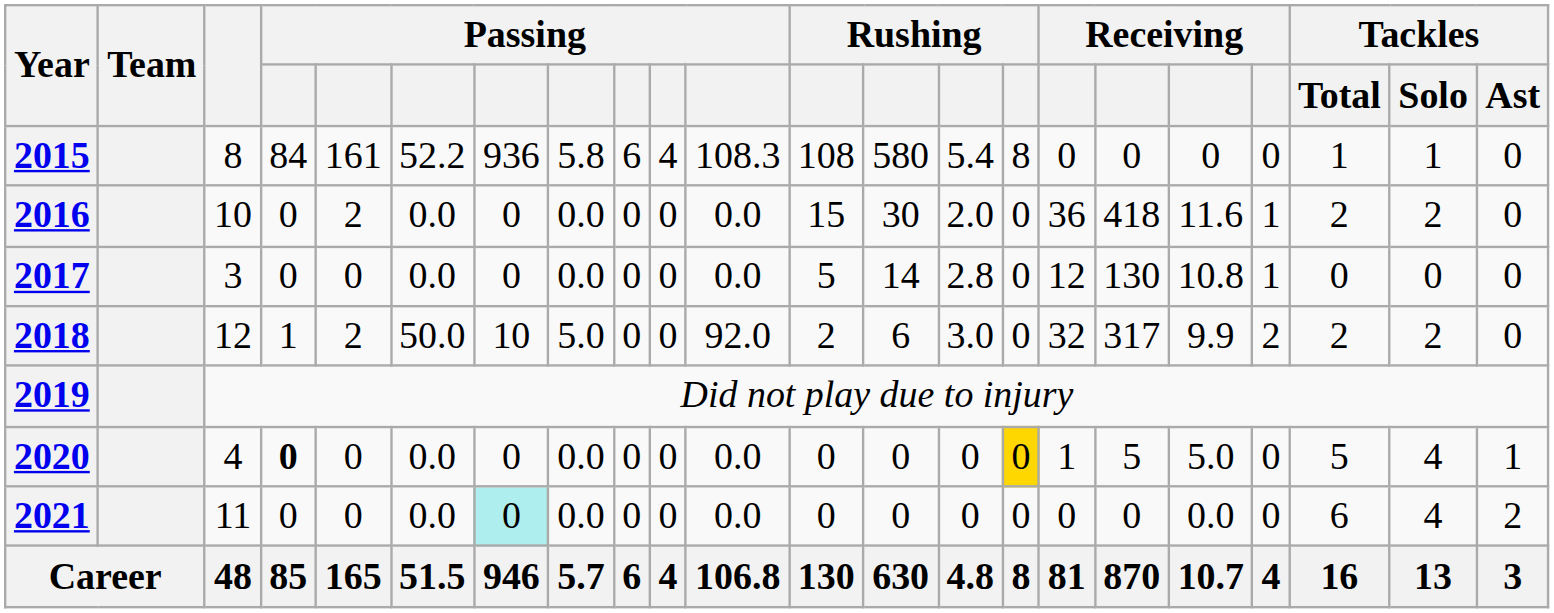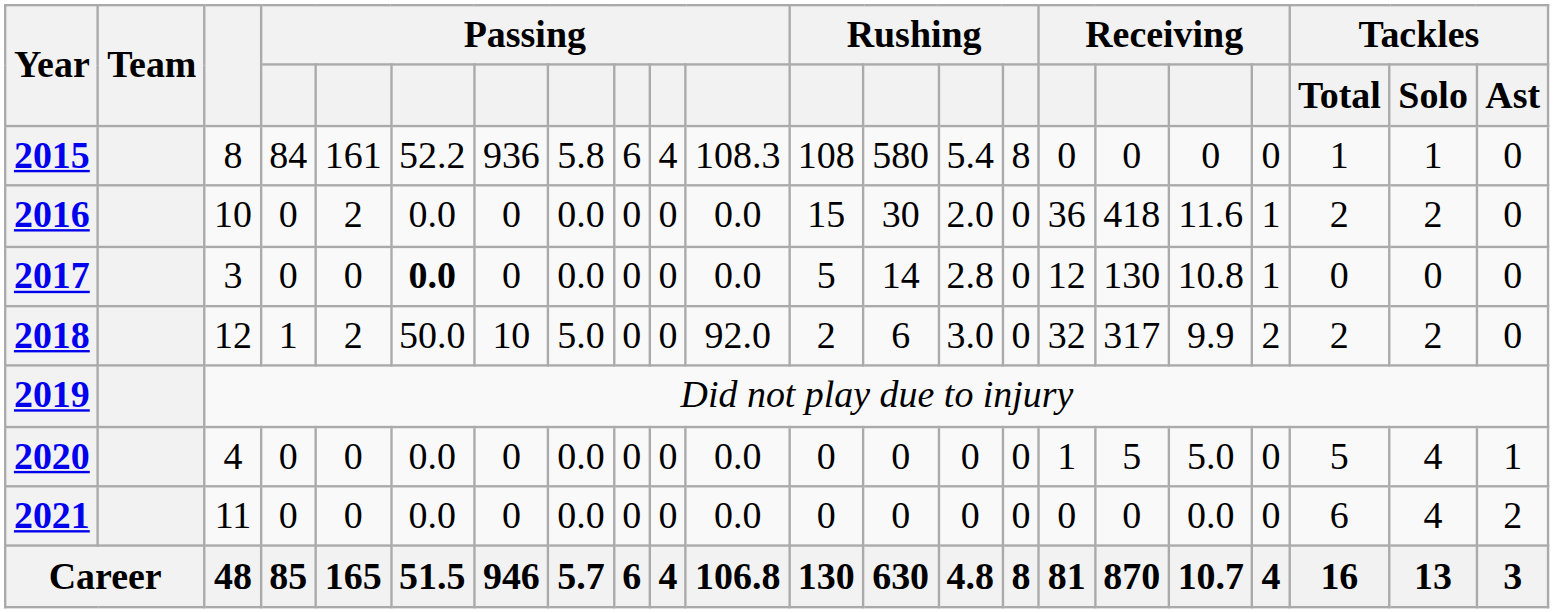 <table class="wikitable" style="text-align:center;">
 <tr>
 <th rowspan="2">Year</th>
 <th rowspan="2">Team</th>
 <th rowspan="2"></th>
 <th colspan="8">Passing</th>
 <th colspan="4">Rushing</th>
 <th colspan="4">Receiving</th>
 <th colspan="3">Tackles</th>
 </tr>
 <tr>
 <th></th>
 <th></th>
 <th></th>
 <th></th>
 <th></th>
 <th></th>
 <th></th>
 <th></th>
 <th></th>
 <th></th>
 <th></th>
 <th></th>
 <th></th>
 <th></th>
 <th></th>
 <th></th>
 <th>Total</th>
 <th>Solo</th>
 <th>Ast</th>
 </tr>
 <tr>
 <th><a href='#'>2015</a></th>
 <th><a href='#'></a></th>
 <td>8</td>
 <td>84</td>
 <td>161</td>
 <td>52.2</td>
 <td>936</td>
 <td>5.8</td>
 <td>6</td>
 <td>4</td>
 <td>108.3</td>
 <td>108</td>
 <td>580</td>
 <td>5.4</td>
 <td>8</td>
 <td>0</td>
 <td>0</td>
 <td>0</td>
 <td>0</td>
 <td>1</td>
 <td>1</td>
 <td>0</td>
 </tr>
 <tr>
 <th><a href='#'>2016</a></th>
 <th><a href='#'></a></th>
 <td>10</td>
 <td>0</td>
 <td>2</td>
 <td>0.0</td>
 <td>0</td>
 <td>0.0</td>
 <td>0</td>
 <td>0</td>
 <td>0.0</td>
 <td>15</td>
 <td>30</td>
 <td>2.0</td>
 <td>0</td>
 <td>36</td>
 <td>418</td>
 <td>11.6</td>
 <td>1</td>
 <td>2</td>
 <td>2</td>
 <td>0</td>
 </tr>
 <tr>
 <th><a href='#'>2017</a></th>
 <th><a href='#'></a></th>
 <td>3</td>
 <td>0</td>
 <td>0</td>
-<td>0.0</td>
+<td><strong>0.0</strong></td>
 <td>0</td>
 <td>0.0</td>
 <td>0</td>
 <td>0</td>
 <td>0.0</td>
 <td>5</td>
 <td>14</td>
 <td>2.8</td>
 <td>0</td>
 <td>12</td>
 <td>130</td>
 <td>10.8</td>
 <td>1</td>
 <td>0</td>
 <td>0</td>
 <td>0</td>
 </tr>
 <tr>
 <th><a href='#'>2018</a></th>
 <th><a href='#'></a></th>
 <td>12</td>
 <td>1</td>
 <td>2</td>
 <td>50.0</td>
 <td>10</td>
 <td>5.0</td>
 <td>0</td>
 <td>0</td>
 <td>92.0</td>
 <td>2</td>
 <td>6</td>
 <td>3.0</td>
 <td>0</td>
 <td>32</td>
 <td>317</td>
 <td>9.9</td>
 <td>2</td>
 <td>2</td>
 <td>2</td>
 <td>0</td>
 </tr>
 <tr>
 <th><a href='#'>2019</a></th>
 <th><a href='#'></a></th>
 <td colspan=20><em>Did not play due to injury</em></td>
 </tr>
 <tr>
 <th><a href='#'>2020</a></th>
 <th><a href='#'></a></th>
 <td>4</td>
-<td><strong>0</strong></td>
+<td>0</td>
 <td>0</td>
 <td>0.0</td>
 <td>0</td>
 <td>0.0</td>
 <td>0</td>
 <td>0</td>
 <td>0.0</td>
 <td>0</td>
 <td>0</td>
 <td>0</td>
-<td style="background: gold;">0</td>
+<td>0</td>
 <td>1</td>
 <td>5</td>
 <td>5.0</td>
 <td>0</td>
 <td>5</td>
 <td>4</td>
 <td>1</td>
 </tr>
 <tr>
 <th><a href='#'>2021</a></th>
 <th><a href='#'></a></th>
 <td>11</td>
 <td>0</td>
 <td>0</td>
 <td>0.0</td>
-<td style="background: paleturquoise;">0</td>
+<td>0</td>
 <td>0.0</td>
 <td>0</td>
 <td>0</td>
 <td>0.0</td>
 <td>0</td>
 <td>0</td>
 <td>0</td>
 <td>0</td>
 <td>0</td>
 <td>0</td>
 <td>0.0</td>
 <td>0</td>
 <td>6</td>
 <td>4</td>
 <td>2</td>
 </tr>
 <tr class="sortbottom" style="background:#eee;">
 <th colspan=2><strong>Career</strong></th>
 <th>48</th>
 <th>85</th>
 <th>165</th>
 <th>51.5</th>
 <th>946</th>
 <th>5.7</th>
 <th>6</th>
 <th>4</th>
 <th>106.8</th>
 <th>130</th>
 <th>630</th>
 <th>4.8</th>
 <th>8</th>
 <th>81</th>
 <th>870</th>
 <th>10.7</th>
 <th>4</th>
 <th>16</th>
 <th>13</th>
 <th>3</th>
 </tr>
 </table>
